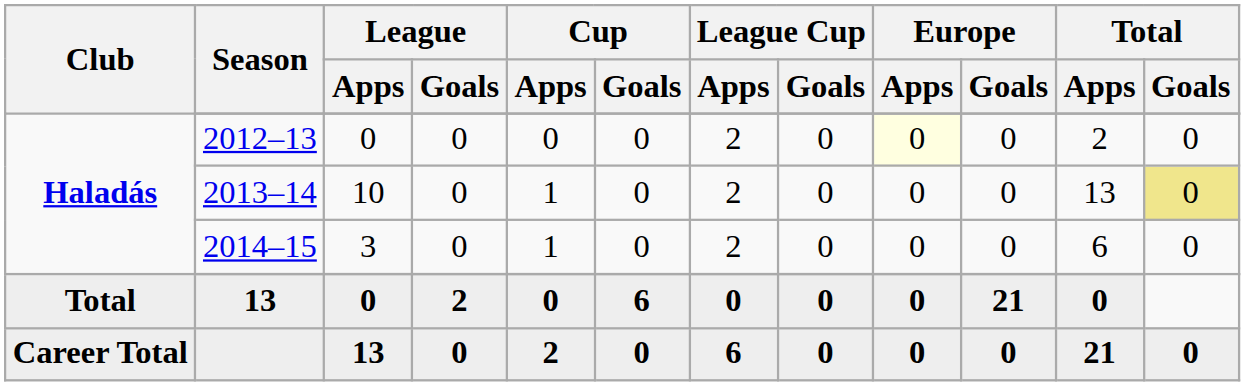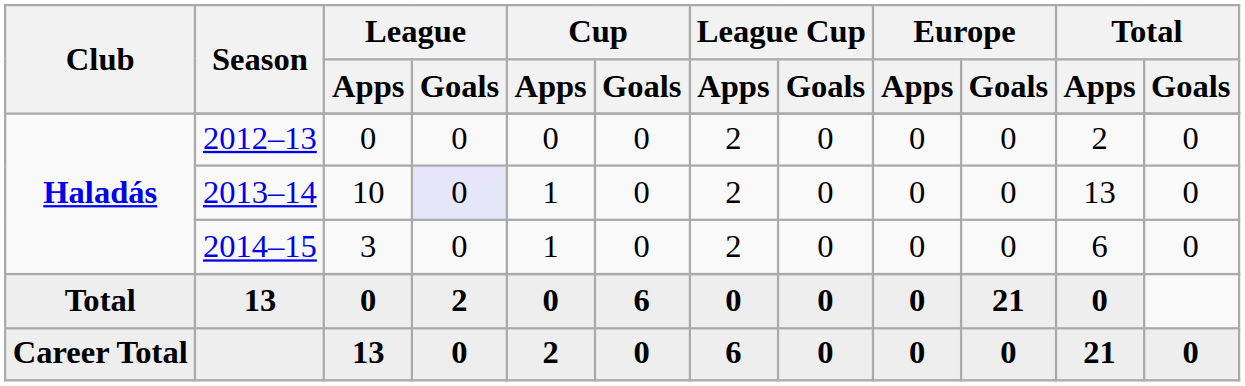 <table class="wikitable" style="font-size:90%; text-align: center;">
 <tr>
 <th rowspan="2">Club</th>
 <th rowspan="2">Season</th>
 <th colspan="2">League</th>
 <th colspan="2">Cup</th>
 <th colspan="2">League Cup</th>
 <th colspan="2">Europe</th>
 <th colspan="2">Total</th>
 </tr>
 <tr>
 <th>Apps</th>
 <th>Goals</th>
 <th>Apps</th>
 <th>Goals</th>
 <th>Apps</th>
 <th>Goals</th>
 <th>Apps</th>
 <th>Goals</th>
 <th>Apps</th>
 <th>Goals</th>
 </tr>
 <tr ||-||-||-|->
 <td rowspan="5" valign="center"><strong><a href='#'>Haladás</a></strong></td>
 </tr>
 <tr>
 <td><a href='#'>2012–13</a></td>
 <td>0</td>
 <td>0</td>
 <td>0</td>
 <td>0</td>
 <td>2</td>
 <td>0</td>
-<td style="background: lightyellow;">0</td>
+<td>0</td>
 <td>0</td>
 <td>2</td>
 <td>0</td>
 </tr>
 <tr>
 <td><a href='#'>2013–14</a></td>
 <td>10</td>
-<td>0</td>
+<td style="background: lavender;">0</td>
 <td>1</td>
 <td>0</td>
 <td>2</td>
 <td>0</td>
 <td>0</td>
 <td>0</td>
 <td>13</td>
-<td style="background: khaki;">0</td>
+<td>0</td>
 </tr>
 <tr>
 <td><a href='#'>2014–15</a></td>
 <td>3</td>
 <td>0</td>
 <td>1</td>
 <td>0</td>
 <td>2</td>
 <td>0</td>
 <td>0</td>
 <td>0</td>
 <td>6</td>
 <td>0</td>
 </tr>
 <tr>
 </tr>
 <tr style="font-weight:bold; background-color:#eeeeee;">
 <td>Total</td>
 <td>13</td>
 <td>0</td>
 <td>2</td>
 <td>0</td>
 <td>6</td>
 <td>0</td>
 <td>0</td>
 <td>0</td>
 <td>21</td>
 <td>0</td>
 </tr>
 <tr style="font-weight:bold; background-color:#eeeeee;">
 <td rowspan="1" valign="top"><strong>Career Total</strong></td>
 <td></td>
 <td><strong>13</strong></td>
 <td><strong>0</strong></td>
 <td><strong>2</strong></td>
 <td><strong>0</strong></td>
 <td><strong>6</strong></td>
 <td><strong>0</strong></td>
 <td><strong>0</strong></td>
 <td><strong>0</strong></td>
 <td><strong>21</strong></td>
 <td><strong>0</strong></td>
 </tr>
 </table>
